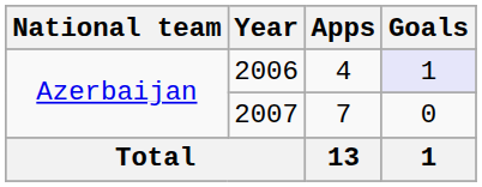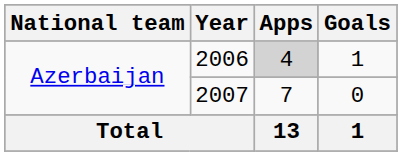 <table class="wikitable" style="text-align: center;">
 <tr>
 <th>National team</th>
 <th>Year</th>
 <th>Apps</th>
 <th>Goals</th>
 </tr>
 <tr>
 <td rowspan="2" valign="center"><a href='#'>Azerbaijan</a></td>
 <td>2006</td>
-<td>4</td>
-<td style="background: lavender;">1</td>
+<td style="background: lightgrey;">4</td>
+<td>1</td>
 </tr>
 <tr>
 <td>2007</td>
 <td>7</td>
 <td>0</td>
 </tr>
 <tr>
 <th colspan="2">Total</th>
 <th>13</th>
 <th>1</th>
 </tr>
 </table>
